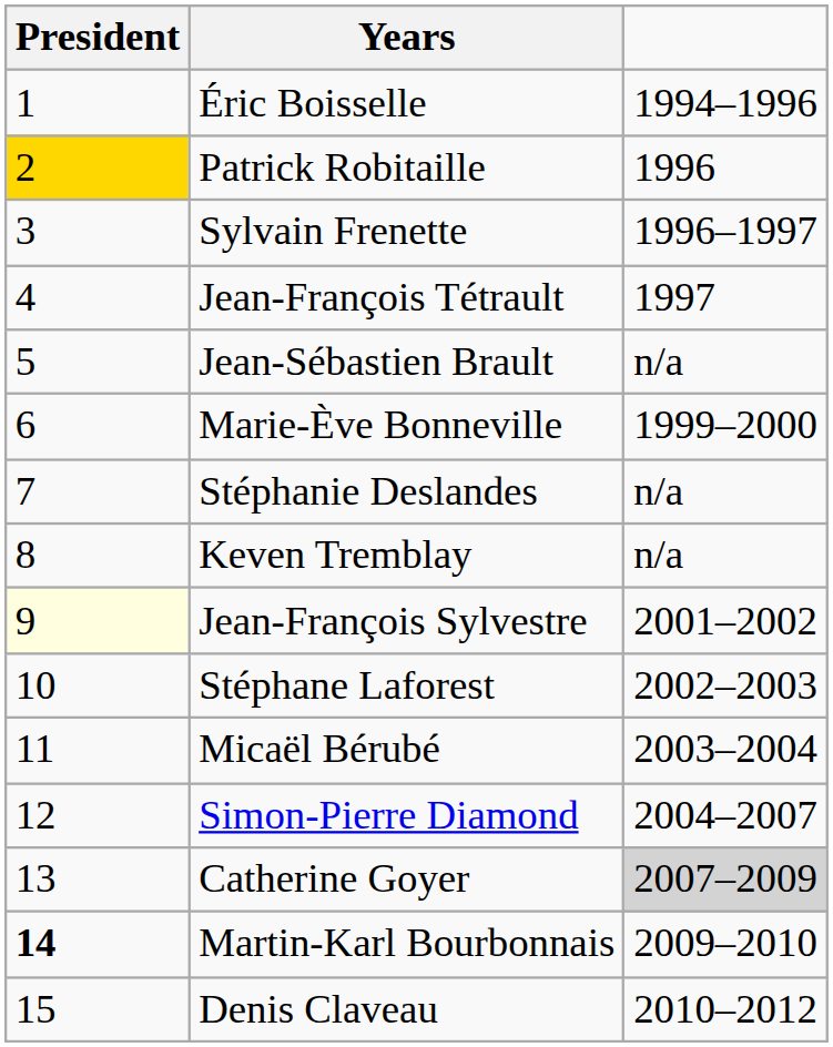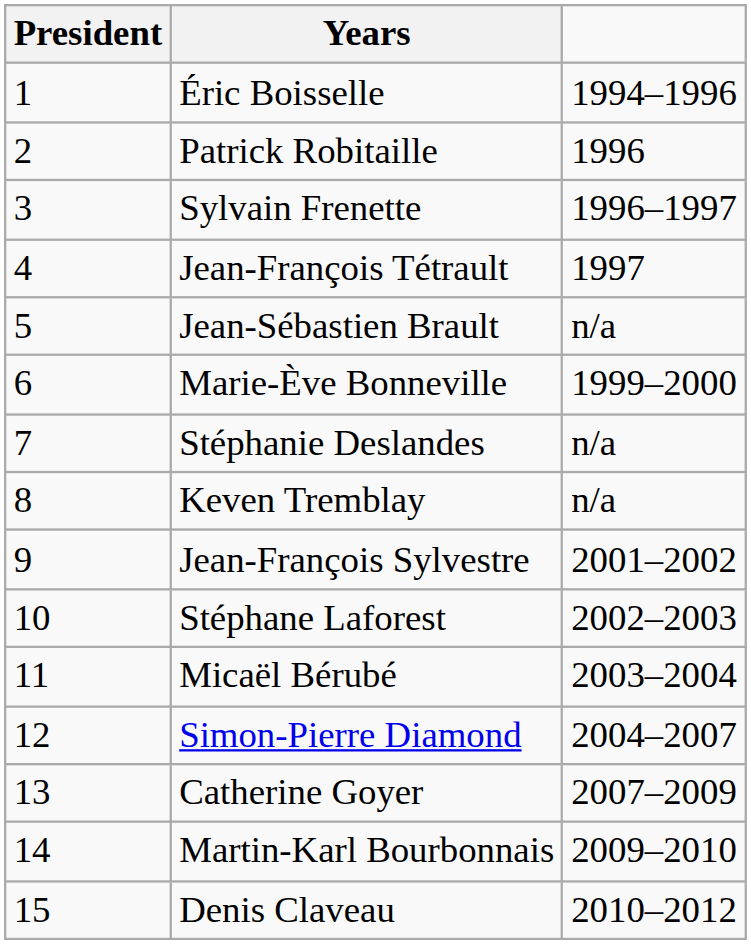 <table class="wikitable">
 <tr>
 <th>President</th>
 <th>Years</th>
 </tr>
 <tr>
 <td>1</td>
 <td>Éric Boisselle</td>
 <td>1994–1996</td>
 </tr>
 <tr>
-<td style="background: gold;">2</td>
+<td>2</td>
 <td>Patrick Robitaille</td>
 <td>1996</td>
 </tr>
 <tr>
 <td>3</td>
 <td>Sylvain Frenette</td>
 <td>1996–1997</td>
 </tr>
 <tr>
 <td>4</td>
 <td>Jean-François Tétrault</td>
 <td>1997</td>
 </tr>
 <tr>
 <td>5</td>
 <td>Jean-Sébastien Brault</td>
 <td>n/a</td>
 </tr>
 <tr>
 <td>6</td>
 <td>Marie-Ève Bonneville</td>
 <td>1999–2000</td>
 </tr>
 <tr>
 <td>7</td>
 <td>Stéphanie Deslandes</td>
 <td>n/a</td>
 </tr>
 <tr>
 <td>8</td>
 <td>Keven Tremblay</td>
 <td>n/a</td>
 </tr>
 <tr>
-<td style="background: lightyellow;">9</td>
+<td>9</td>
 <td>Jean-François Sylvestre</td>
 <td>2001–2002</td>
 </tr>
 <tr>
 <td>10</td>
 <td>Stéphane Laforest</td>
 <td>2002–2003</td>
 </tr>
 <tr>
 <td>11</td>
 <td>Micaël Bérubé</td>
 <td>2003–2004</td>
 </tr>
 <tr>
 <td>12</td>
 <td><a href='#'>Simon-Pierre Diamond</a></td>
 <td>2004–2007</td>
 </tr>
 <tr>
 <td>13</td>
 <td>Catherine Goyer</td>
-<td style="background: lightgrey;">2007–2009</td>
+<td>2007–2009</td>
 </tr>
 <tr>
-<td><strong>14</strong></td>
+<td>14</td>
 <td>Martin-Karl Bourbonnais</td>
 <td>2009–2010</td>
 </tr>
 <tr>
 <td>15</td>
 <td>Denis Claveau</td>
 <td>2010–2012</td>
 </tr>
 </table>
